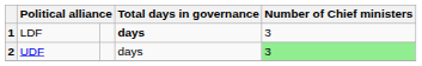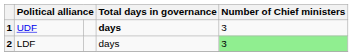 <table class="wikitable sortable"  text-align:center">
 <tr>
 <th data-sort-type=number></th>
 <th colspan="2">Political alliance</th>
 <th>Total days in governance</th>
 <th data-sort-type=number>Number of Chief ministers</th>
 </tr>
 <tr>
 <th data-sort-value="1">1</th>
-<td>LDF</td>
+<td><a href='#'>UDF</a></td>
 <td style="background-color: "></td>
 <td><strong> days</strong></td>
 <td data-sort-type=5>3</td>
 </tr>
 <tr>
 <th data-sort-value="2">2</th>
-<td><a href='#'>UDF</a></td>
+<td>LDF</td>
 <td style="background-color: "></td>
 <td> days</td>
 <td data-sort-type=5 style="background: lightgreen;">3</td>
 </tr>
 <tr>
 </tr>
 </table>
